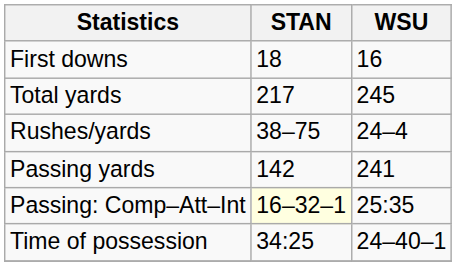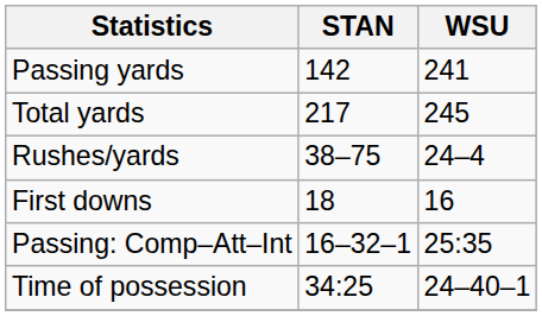 <table class="wikitable" style="float: left;">
 <tr>
 <th>Statistics</th>
 <th>STAN</th>
 <th>WSU</th>
 </tr>
 <tr>
-<td>First downs</td>
-<td>18</td>
-<td>16</td>
+<td>Passing yards</td>
+<td>142</td>
+<td>241</td>
 </tr>
 <tr>
 <td>Total yards</td>
 <td>217</td>
 <td>245</td>
 </tr>
 <tr>
 <td>Rushes/yards</td>
 <td>38–75</td>
 <td>24–4</td>
 </tr>
 <tr>
-<td>Passing yards</td>
-<td>142</td>
-<td>241</td>
+<td>First downs</td>
+<td>18</td>
+<td>16</td>
 </tr>
 <tr>
 <td>Passing: Comp–Att–Int</td>
-<td style="background: lightyellow;">16–32–1</td>
+<td>16–32–1</td>
 <td>25:35</td>
 </tr>
 <tr>
 <td>Time of possession</td>
 <td>34:25</td>
 <td>24–40–1</td>
 </tr>
 <tr>
 </tr>
 </table>
